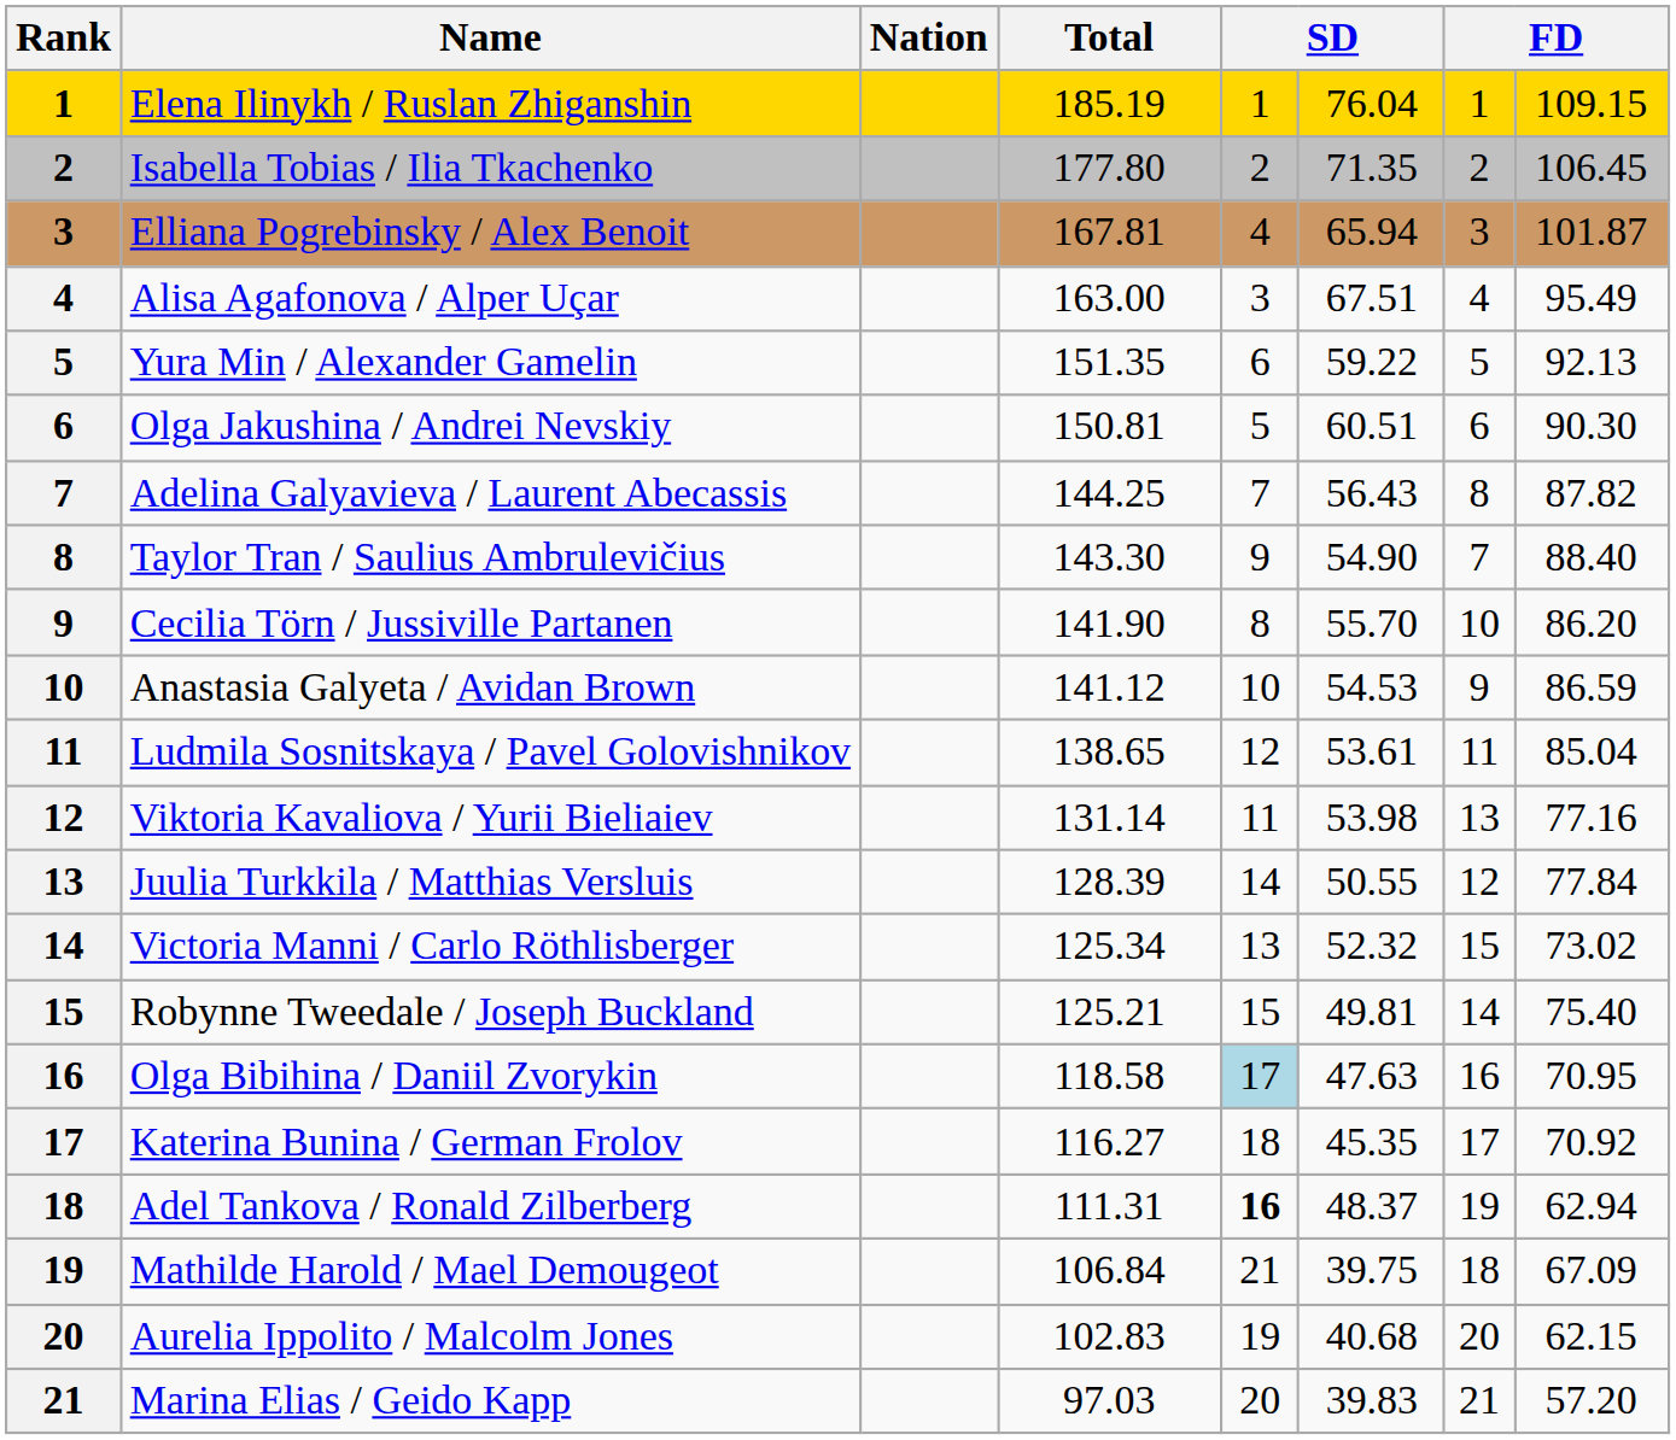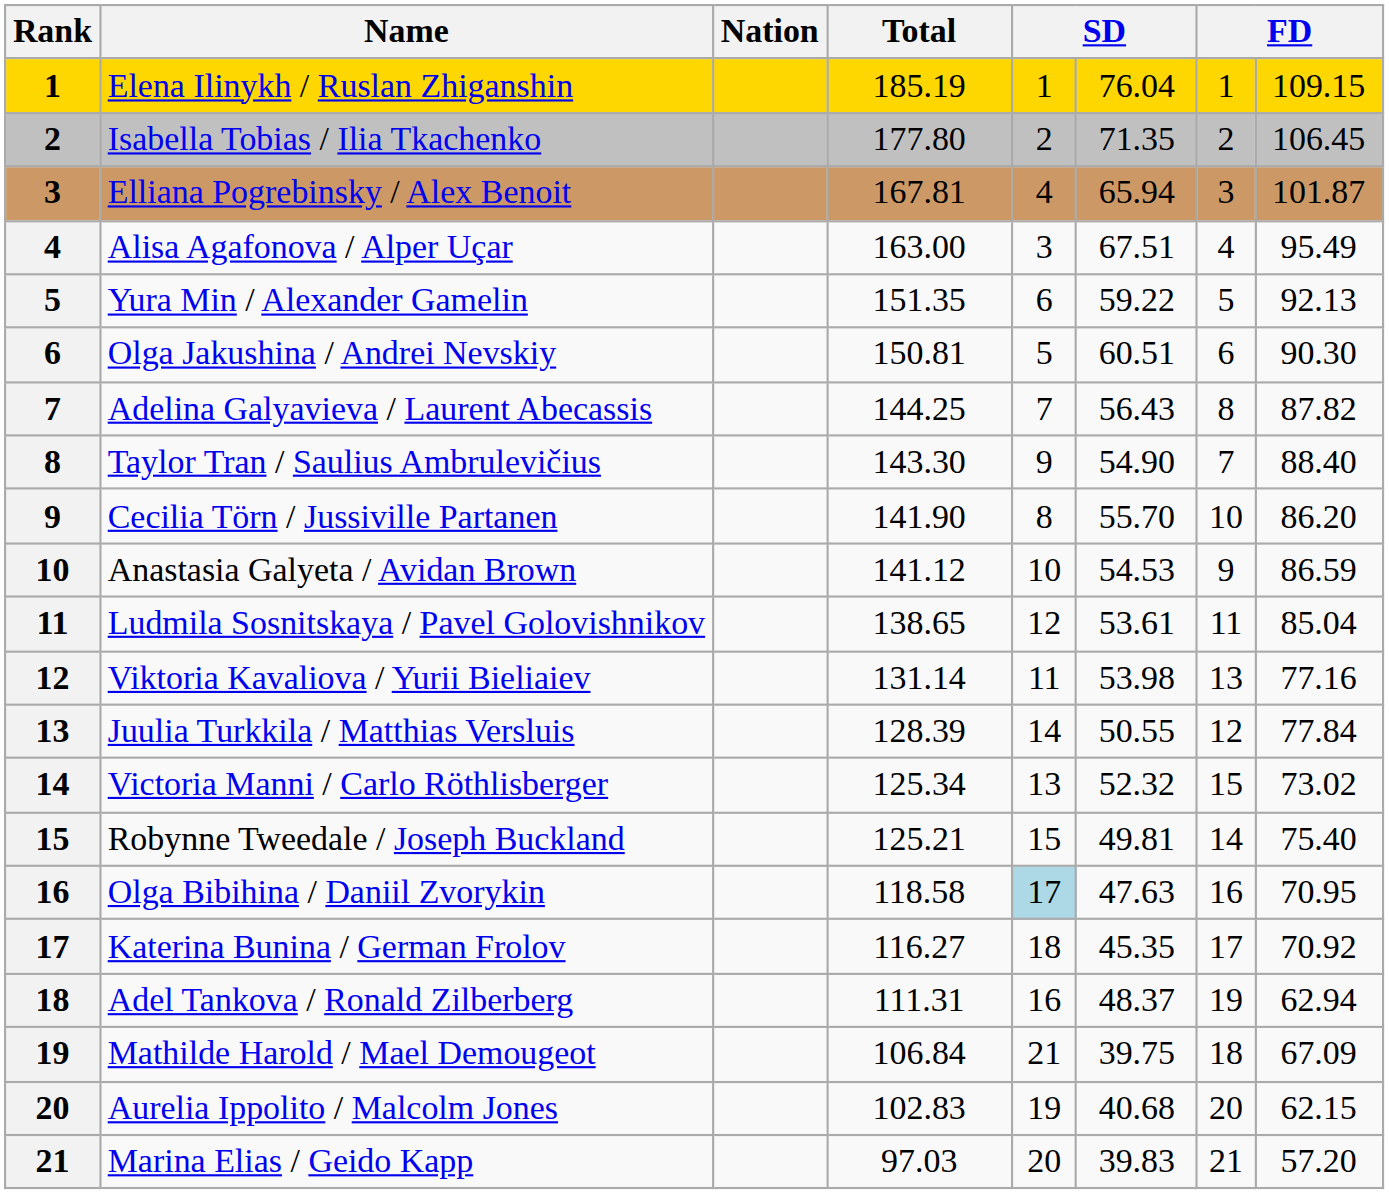 <table class="wikitable sortable">
 <tr>
 <th>Rank</th>
 <th>Name</th>
 <th>Nation</th>
 <th width="80px">Total</th>
 <th colspan="2" width="80px"><a href='#'>SD</a></th>
 <th colspan="2" width="80px"><a href='#'>FD</a></th>
 </tr>
 <tr bgcolor="gold">
 <td align="center"><strong>1</strong></td>
 <td><a href='#'>Elena Ilinykh</a> / <a href='#'>Ruslan Zhiganshin</a></td>
 <td></td>
 <td align="center">185.19</td>
 <td align="center">1</td>
 <td align="center">76.04</td>
 <td align="center">1</td>
 <td align="center">109.15</td>
 </tr>
 <tr bgcolor="silver">
 <td align="center"><strong>2</strong></td>
 <td><a href='#'>Isabella Tobias</a> / <a href='#'>Ilia Tkachenko</a></td>
 <td></td>
 <td align="center">177.80</td>
 <td align="center">2</td>
 <td align="center">71.35</td>
 <td align="center">2</td>
 <td align="center">106.45</td>
 </tr>
 <tr bgcolor="cc9966">
 <td align="center"><strong>3</strong></td>
 <td><a href='#'>Elliana Pogrebinsky</a> / <a href='#'>Alex Benoit</a></td>
 <td></td>
 <td align="center">167.81</td>
 <td align="center">4</td>
 <td align="center">65.94</td>
 <td align="center">3</td>
 <td align="center">101.87</td>
 </tr>
 <tr>
 <th>4</th>
 <td><a href='#'>Alisa Agafonova</a> / <a href='#'>Alper Uçar</a></td>
 <td></td>
 <td align="center">163.00</td>
 <td align="center">3</td>
 <td align="center">67.51</td>
 <td align="center">4</td>
 <td align="center">95.49</td>
 </tr>
 <tr>
 <th>5</th>
 <td><a href='#'>Yura Min</a> / <a href='#'>Alexander Gamelin</a></td>
 <td></td>
 <td align="center">151.35</td>
 <td align="center">6</td>
 <td align="center">59.22</td>
 <td align="center">5</td>
 <td align="center">92.13</td>
 </tr>
 <tr>
 <th>6</th>
 <td><a href='#'>Olga Jakushina</a> / <a href='#'>Andrei Nevskiy</a></td>
 <td></td>
 <td align="center">150.81</td>
 <td align="center">5</td>
 <td align="center">60.51</td>
 <td align="center">6</td>
 <td align="center">90.30</td>
 </tr>
 <tr>
 <th>7</th>
 <td><a href='#'>Adelina Galyavieva</a> / <a href='#'>Laurent Abecassis</a></td>
 <td></td>
 <td align="center">144.25</td>
 <td align="center">7</td>
 <td align="center">56.43</td>
 <td align="center">8</td>
 <td align="center">87.82</td>
 </tr>
 <tr>
 <th>8</th>
 <td><a href='#'>Taylor Tran</a> / <a href='#'>Saulius Ambrulevičius</a></td>
 <td></td>
 <td align="center">143.30</td>
 <td align="center">9</td>
 <td align="center">54.90</td>
 <td align="center">7</td>
 <td align="center">88.40</td>
 </tr>
 <tr>
 <th>9</th>
 <td><a href='#'>Cecilia Törn</a> / <a href='#'>Jussiville Partanen</a></td>
 <td></td>
 <td align="center">141.90</td>
 <td align="center">8</td>
 <td align="center">55.70</td>
 <td align="center">10</td>
 <td align="center">86.20</td>
 </tr>
 <tr>
 <th>10</th>
 <td>Anastasia Galyeta / <a href='#'>Avidan Brown</a></td>
 <td></td>
 <td align="center">141.12</td>
 <td align="center">10</td>
 <td align="center">54.53</td>
 <td align="center">9</td>
 <td align="center">86.59</td>
 </tr>
 <tr>
 <th>11</th>
 <td><a href='#'>Ludmila Sosnitskaya</a> / <a href='#'>Pavel Golovishnikov</a></td>
 <td></td>
 <td align="center">138.65</td>
 <td align="center">12</td>
 <td align="center">53.61</td>
 <td align="center">11</td>
 <td align="center">85.04</td>
 </tr>
 <tr>
 <th>12</th>
 <td><a href='#'>Viktoria Kavaliova</a> / <a href='#'>Yurii Bieliaiev</a></td>
 <td></td>
 <td align="center">131.14</td>
 <td align="center">11</td>
 <td align="center">53.98</td>
 <td align="center">13</td>
 <td align="center">77.16</td>
 </tr>
 <tr>
 <th>13</th>
 <td><a href='#'>Juulia Turkkila</a> / <a href='#'>Matthias Versluis</a></td>
 <td></td>
 <td align="center">128.39</td>
 <td align="center">14</td>
 <td align="center">50.55</td>
 <td align="center">12</td>
 <td align="center">77.84</td>
 </tr>
 <tr>
 <th>14</th>
 <td><a href='#'>Victoria Manni</a> / <a href='#'>Carlo Röthlisberger</a></td>
 <td></td>
 <td align="center">125.34</td>
 <td align="center">13</td>
 <td align="center">52.32</td>
 <td align="center">15</td>
 <td align="center">73.02</td>
 </tr>
 <tr>
 <th>15</th>
 <td>Robynne Tweedale / <a href='#'>Joseph Buckland</a></td>
 <td></td>
 <td align="center">125.21</td>
 <td align="center">15</td>
 <td align="center">49.81</td>
 <td align="center">14</td>
 <td align="center">75.40</td>
 </tr>
 <tr>
 <th>16</th>
 <td><a href='#'>Olga Bibihina</a> / <a href='#'>Daniil Zvorykin</a></td>
 <td></td>
 <td align="center">118.58</td>
 <td align="center" style="background: lightblue;">17</td>
 <td align="center">47.63</td>
 <td align="center">16</td>
 <td align="center">70.95</td>
 </tr>
 <tr>
 <th>17</th>
 <td><a href='#'>Katerina Bunina</a> / <a href='#'>German Frolov</a></td>
 <td></td>
 <td align="center">116.27</td>
 <td align="center">18</td>
 <td align="center">45.35</td>
 <td align="center">17</td>
 <td align="center">70.92</td>
 </tr>
 <tr>
 <th>18</th>
 <td><a href='#'>Adel Tankova</a> / <a href='#'>Ronald Zilberberg</a></td>
 <td></td>
 <td align="center">111.31</td>
-<td align="center"><strong>16</strong></td>
+<td align="center">16</td>
 <td align="center">48.37</td>
 <td align="center">19</td>
 <td align="center">62.94</td>
 </tr>
 <tr>
 <th>19</th>
 <td><a href='#'>Mathilde Harold</a> / <a href='#'>Mael Demougeot</a></td>
 <td></td>
 <td align="center">106.84</td>
 <td align="center">21</td>
 <td align="center">39.75</td>
 <td align="center">18</td>
 <td align="center">67.09</td>
 </tr>
 <tr>
 <th>20</th>
 <td><a href='#'>Aurelia Ippolito</a> / <a href='#'>Malcolm Jones</a></td>
 <td></td>
 <td align="center">102.83</td>
 <td align="center">19</td>
 <td align="center">40.68</td>
 <td align="center">20</td>
 <td align="center">62.15</td>
 </tr>
 <tr>
 <th>21</th>
 <td><a href='#'>Marina Elias</a> / <a href='#'>Geido Kapp</a></td>
 <td></td>
 <td align="center">97.03</td>
 <td align="center">20</td>
 <td align="center">39.83</td>
 <td align="center">21</td>
 <td align="center">57.20</td>
 </tr>
 </table>
